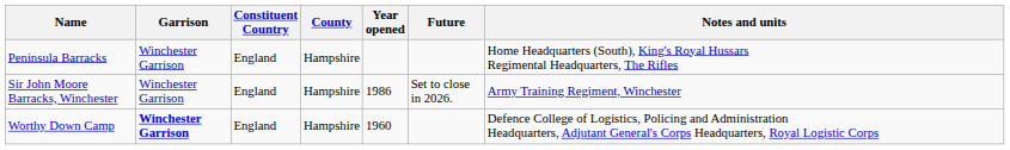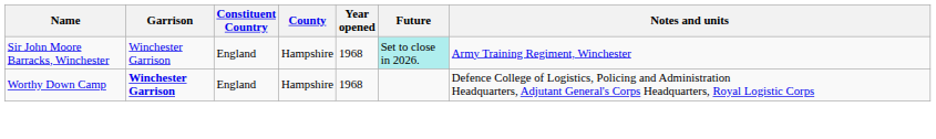 <table class="wikitable sortable" border="1">
 <tr>
 <th style="width=14%">Name</th>
 <th style="width=10%">Garrison</th>
 <th style="width=10%"><a href='#'>Constituent<br>Country</a></th>
 <th style="width=10%"><a href='#'>County</a></th>
 <th style="width=4%">Year<br>opened</th>
 <th>Future</th>
 <th style="class=unsortable" width="52%">Notes and units</th>
 </tr>
 <tr>
-<td><a href='#'>Peninsula Barracks</a></td>
-<td><a href='#'>Winchester Garrison</a></td>
-<td>England</td>
-<td>Hampshire</td>
-<td></td>
-<td></td>
-<td>Home Headquarters (South), <a href='#'>King's Royal Hussars</a><br>Regimental Headquarters, <a href='#'>The Rifles</a></td>
-</tr>
-<tr>
 <td><a href='#'>Sir John Moore Barracks, Winchester</a></td>
 <td><a href='#'>Winchester Garrison</a></td>
 <td>England</td>
 <td>Hampshire</td>
-<td>1986</td>
-<td>Set to close in 2026.</td>
+<td>1968</td>
+<td style="background: paleturquoise;">Set to close in 2026.</td>
 <td><a href='#'>Army Training Regiment, Winchester</a></td>
 </tr>
 <tr>
 <td><a href='#'>Worthy Down Camp</a></td>
 <td><strong><a href='#'>Winchester Garrison</a></strong></td>
 <td>England</td>
 <td>Hampshire</td>
-<td>1960</td>
+<td>1968</td>
 <td></td>
 <td>Defence College of Logistics, Policing and Administration<br>Headquarters, <a href='#'>Adjutant General's Corps</a> Headquarters, <a href='#'>Royal Logistic Corps</a></td>
 </tr>
 </table>
